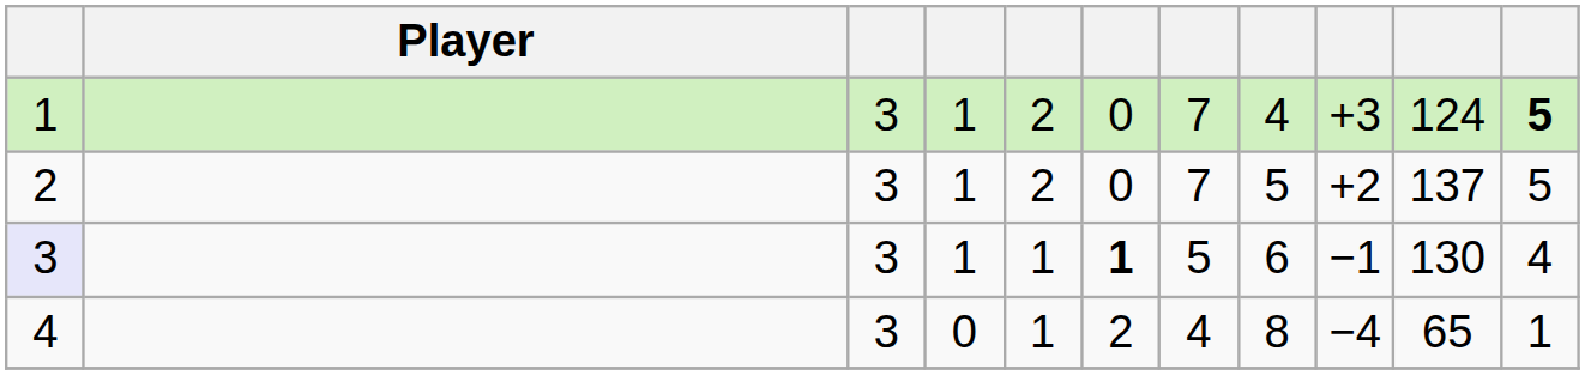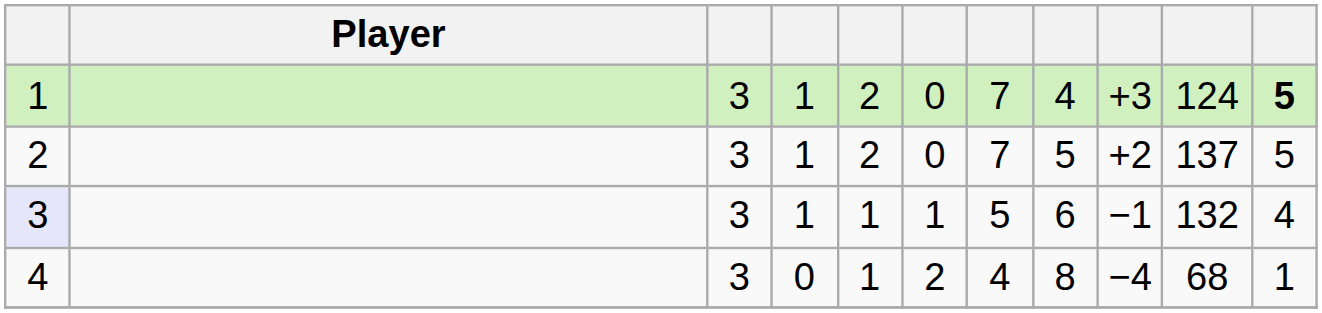 <table class="wikitable" style="text-align:center;">
 <tr>
 <th width=20></th>
 <th width=260>Player</th>
 <th width=20></th>
 <th width=20></th>
 <th width=20></th>
 <th width=20></th>
 <th width=20></th>
 <th width=20></th>
 <th width=20></th>
 <th width=30></th>
 <th width=20></th>
 </tr>
 <tr style="background:#D0F0C0;">
 <td>1</td>
 <td align=left> <small></small></td>
 <td>3</td>
 <td>1</td>
 <td>2</td>
 <td>0</td>
 <td>7</td>
 <td>4</td>
 <td>+3</td>
 <td>124</td>
 <td><strong>5</strong></td>
 </tr>
 <tr>
 <td>2</td>
 <td align=left> <small></small></td>
 <td>3</td>
 <td>1</td>
 <td>2</td>
 <td>0</td>
 <td>7</td>
 <td>5</td>
 <td>+2</td>
 <td>137</td>
 <td>5</td>
 </tr>
 <tr>
 <td style="background: lavender;">3</td>
 <td align=left> <small></small></td>
 <td>3</td>
 <td>1</td>
 <td>1</td>
-<td><strong>1</strong></td>
+<td>1</td>
 <td>5</td>
 <td>6</td>
 <td>−1</td>
-<td>130</td>
+<td>132</td>
 <td>4</td>
 </tr>
 <tr>
 <td>4</td>
 <td align=left> <small></small></td>
 <td>3</td>
 <td>0</td>
 <td>1</td>
 <td>2</td>
 <td>4</td>
 <td>8</td>
 <td>−4</td>
-<td>65</td>
+<td>68</td>
 <td>1</td>
 </tr>
 <tr>
 </tr>
 </table>
